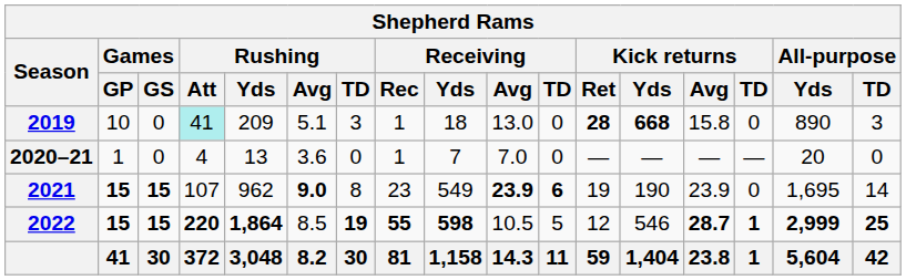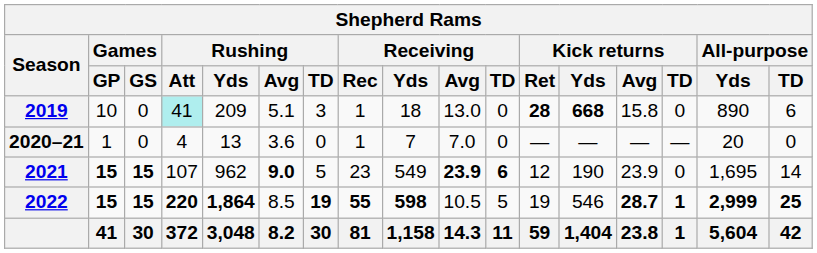 <table class="wikitable" style="text-align:center;">
 <tr>
 <th colspan="19">Shepherd Rams</th>
 </tr>
 <tr>
 <th rowspan="2">Season</th>
 <th colspan="2">Games</th>
 <th colspan="4">Rushing</th>
 <th colspan="4">Receiving</th>
 <th colspan="4">Kick returns</th>
 <th colspan="2">All-purpose</th>
 </tr>
 <tr>
 <th>GP</th>
 <th>GS</th>
 <th>Att</th>
 <th>Yds</th>
 <th>Avg</th>
 <th>TD</th>
 <th>Rec</th>
 <th>Yds</th>
 <th>Avg</th>
 <th>TD</th>
 <th>Ret</th>
 <th>Yds</th>
 <th>Avg</th>
 <th>TD</th>
 <th>Yds</th>
 <th>TD</th>
 </tr>
 <tr>
 <th><a href='#'>2019</a></th>
 <td>10</td>
 <td>0</td>
 <td style="background: paleturquoise;">41</td>
 <td>209</td>
 <td>5.1</td>
 <td>3</td>
 <td>1</td>
 <td>18</td>
 <td>13.0</td>
 <td>0</td>
 <td><strong>28</strong></td>
 <td><strong>668</strong></td>
 <td>15.8</td>
 <td>0</td>
 <td>890</td>
-<td>3</td>
+<td>6</td>
 </tr>
 <tr>
 <th>2020–21</th>
 <td>1</td>
 <td>0</td>
 <td>4</td>
 <td>13</td>
 <td>3.6</td>
 <td>0</td>
 <td>1</td>
 <td>7</td>
 <td>7.0</td>
 <td>0</td>
 <td>—</td>
 <td>—</td>
 <td>—</td>
 <td>—</td>
 <td>20</td>
 <td>0</td>
 </tr>
 <tr>
 <th><a href='#'>2021</a></th>
 <td><strong>15</strong></td>
 <td><strong>15</strong></td>
 <td>107</td>
 <td>962</td>
 <td><strong>9.0</strong></td>
-<td>8</td>
+<td>5</td>
 <td>23</td>
 <td>549</td>
 <td><strong>23.9</strong></td>
 <td><strong>6</strong></td>
-<td>19</td>
+<td>12</td>
 <td>190</td>
 <td>23.9</td>
 <td>0</td>
 <td>1,695</td>
 <td>14</td>
 </tr>
 <tr>
 <th><a href='#'>2022</a></th>
 <td><strong>15</strong></td>
 <td><strong>15</strong></td>
 <td><strong>220</strong></td>
 <td><strong>1,864</strong></td>
 <td>8.5</td>
 <td><strong>19</strong></td>
 <td><strong>55</strong></td>
 <td><strong>598</strong></td>
 <td>10.5</td>
 <td>5</td>
-<td>12</td>
+<td>19</td>
 <td>546</td>
 <td><strong>28.7</strong></td>
 <td><strong>1</strong></td>
 <td><strong>2,999</strong></td>
 <td><strong>25</strong></td>
 </tr>
 <tr>
 <th></th>
 <th>41</th>
 <th>30</th>
 <th>372</th>
 <th>3,048</th>
 <th>8.2</th>
 <th>30</th>
 <th>81</th>
 <th>1,158</th>
 <th>14.3</th>
 <th>11</th>
 <th>59</th>
 <th>1,404</th>
 <th>23.8</th>
 <th>1</th>
 <th>5,604</th>
 <th>42</th>
 </tr>
 </table>
